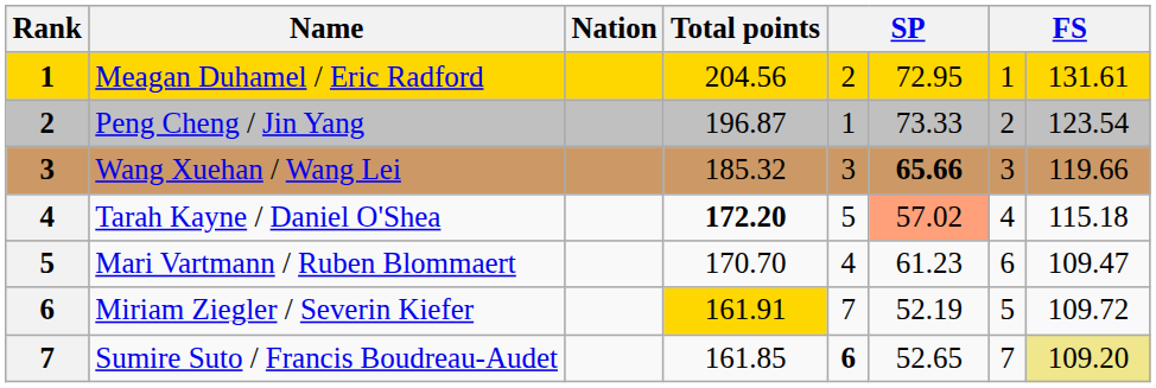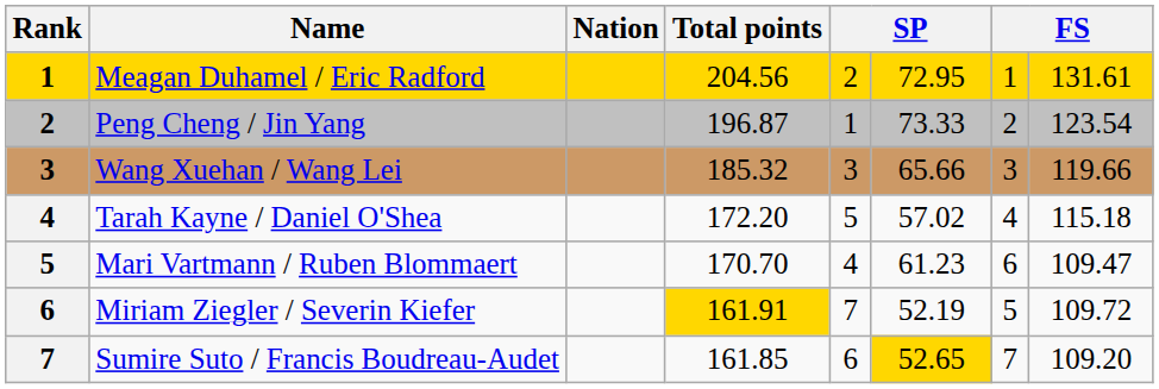 <table class="wikitable sortable">
 <tr>
 <th>Rank</th>
 <th>Name</th>
 <th>Nation</th>
 <th>Total points</th>
 <th colspan="2" width="80px"><a href='#'>SP</a></th>
 <th colspan="2" width="80px"><a href='#'>FS</a></th>
 </tr>
 <tr bgcolor="gold">
 <td align="center"><strong>1</strong></td>
 <td><a href='#'>Meagan Duhamel</a> / <a href='#'>Eric Radford</a></td>
 <td></td>
 <td align="center">204.56</td>
 <td align="center">2</td>
 <td align="center">72.95</td>
 <td align="center">1</td>
 <td align="center">131.61</td>
 </tr>
 <tr bgcolor="silver">
 <td align="center"><strong>2</strong></td>
 <td><a href='#'>Peng Cheng</a> / <a href='#'>Jin Yang</a></td>
 <td></td>
 <td align="center">196.87</td>
 <td align="center">1</td>
 <td align="center">73.33</td>
 <td align="center">2</td>
 <td align="center">123.54</td>
 </tr>
 <tr bgcolor="cc9966">
 <td align="center"><strong>3</strong></td>
 <td><a href='#'>Wang Xuehan</a> / <a href='#'>Wang Lei</a></td>
 <td></td>
 <td align="center">185.32</td>
 <td align="center">3</td>
-<td align="center"><strong>65.66</strong></td>
+<td align="center">65.66</td>
 <td align="center">3</td>
 <td align="center">119.66</td>
 </tr>
 <tr>
 <th>4</th>
 <td><a href='#'>Tarah Kayne</a> / <a href='#'>Daniel O'Shea</a></td>
 <td></td>
-<td align="center"><strong>172.20</strong></td>
+<td align="center">172.20</td>
 <td align="center">5</td>
-<td align="center" style="background: lightsalmon;">57.02</td>
+<td align="center">57.02</td>
 <td align="center">4</td>
 <td align="center">115.18</td>
 </tr>
 <tr>
 <th>5</th>
 <td><a href='#'>Mari Vartmann</a> / <a href='#'>Ruben Blommaert</a></td>
 <td></td>
 <td align="center">170.70</td>
 <td align="center">4</td>
 <td align="center">61.23</td>
 <td align="center">6</td>
 <td align="center">109.47</td>
 </tr>
 <tr>
 <th>6</th>
 <td><a href='#'>Miriam Ziegler</a> / <a href='#'>Severin Kiefer</a></td>
 <td></td>
 <td align="center" style="background: gold;">161.91</td>
 <td align="center">7</td>
 <td align="center">52.19</td>
 <td align="center">5</td>
 <td align="center">109.72</td>
 </tr>
 <tr>
 <th>7</th>
 <td><a href='#'>Sumire Suto</a> / <a href='#'>Francis Boudreau-Audet</a></td>
 <td></td>
 <td align="center">161.85</td>
-<td align="center"><strong>6</strong></td>
-<td align="center">52.65</td>
+<td align="center">6</td>
+<td align="center" style="background: gold;">52.65</td>
 <td align="center">7</td>
-<td align="center" style="background: khaki;">109.20</td>
+<td align="center">109.20</td>
 </tr>
 </table>
